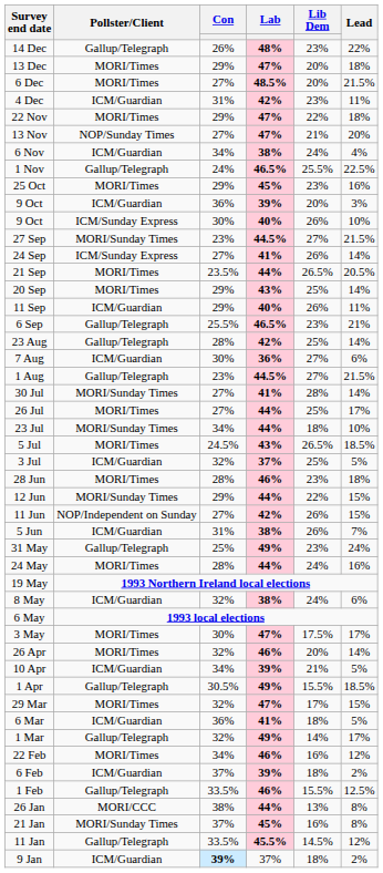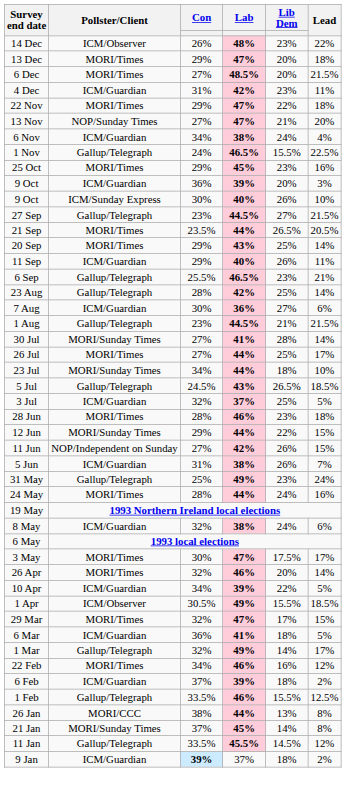 <table class="wikitable sortable mw-datatable" style="text-align:center;font-size:90%;line-height:14px;">
 <tr>
 <th rowspan="2">Survey<br>end date</th>
 <th rowspan="2">Pollster/Client</th>
 <th class="unsortable" style="width:50px;"><a href='#'>Con</a></th>
 <th class="unsortable" style="width:50px;"><a href='#'>Lab</a></th>
 <th class="unsortable" style="width:50px;"><a href='#'>Lib Dem</a></th>
 <th rowspan="2">Lead</th>
 </tr>
 <tr>
 <th style="background:"></th>
 <th style="background:"></th>
 <th style="background:"></th>
 </tr>
 <tr>
 <td>14 Dec</td>
-<td>Gallup/Telegraph</td>
+<td>ICM/Observer</td>
 <td>26%</td>
 <td style="background:#FFCCDA;"><strong>48%</strong></td>
 <td>23%</td>
 <td style="background:">22%</td>
 </tr>
 <tr>
 <td>13 Dec</td>
 <td>MORI/Times</td>
 <td>29%</td>
 <td style="background:#FFCCDA;"><strong>47%</strong></td>
 <td>20%</td>
 <td style="background:">18%</td>
 </tr>
 <tr>
 <td>6 Dec</td>
 <td>MORI/Times</td>
 <td>27%</td>
 <td style="background:#FFCCDA;"><strong>48.5%</strong></td>
 <td>20%</td>
 <td style="background:">21.5%</td>
 </tr>
 <tr>
 <td>4 Dec</td>
 <td>ICM/Guardian</td>
 <td>31%</td>
 <td style="background:#FFCCDA;"><strong>42%</strong></td>
 <td>23%</td>
 <td style="background:">11%</td>
 </tr>
 <tr>
 <td>22 Nov</td>
 <td>MORI/Times</td>
 <td>29%</td>
 <td style="background:#FFCCDA;"><strong>47%</strong></td>
 <td>22%</td>
 <td style="background:">18%</td>
 </tr>
 <tr>
 <td>13 Nov</td>
 <td>NOP/Sunday Times</td>
 <td>27%</td>
 <td style="background:#FFCCDA;"><strong>47%</strong></td>
 <td>21%</td>
 <td style="background:">20%</td>
 </tr>
 <tr>
 <td>6 Nov</td>
 <td>ICM/Guardian</td>
 <td>34%</td>
 <td style="background:#FFCCDA;"><strong>38%</strong></td>
 <td>24%</td>
 <td style="background:">4%</td>
 </tr>
 <tr>
 <td>1 Nov</td>
 <td>Gallup/Telegraph</td>
 <td>24%</td>
 <td style="background:#FFCCDA;"><strong>46.5%</strong></td>
-<td>25.5%</td>
+<td>15.5%</td>
 <td style="background:">22.5%</td>
 </tr>
 <tr>
 <td>25 Oct</td>
 <td>MORI/Times</td>
 <td>29%</td>
 <td style="background:#FFCCDA;"><strong>45%</strong></td>
 <td>23%</td>
 <td style="background:">16%</td>
 </tr>
 <tr>
 <td>9 Oct</td>
 <td>ICM/Guardian</td>
 <td>36%</td>
 <td style="background:#FFCCDA;"><strong>39%</strong></td>
 <td>20%</td>
 <td style="background:">3%</td>
 </tr>
 <tr>
 <td>9 Oct</td>
 <td>ICM/Sunday Express</td>
 <td>30%</td>
 <td style="background:#FFCCDA;"><strong>40%</strong></td>
 <td>26%</td>
 <td style="background:">10%</td>
 </tr>
 <tr>
 <td>27 Sep</td>
-<td>MORI/Sunday Times</td>
+<td>Gallup/Telegraph</td>
 <td>23%</td>
 <td style="background:#FFCCDA;"><strong>44.5%</strong></td>
 <td>27%</td>
 <td style="background:">21.5%</td>
-</tr>
-<tr>
-<td>24 Sep</td>
-<td>ICM/Sunday Express</td>
-<td>27%</td>
-<td style="background:#FFCCDA;"><strong>41%</strong></td>
-<td>26%</td>
-<td style="background:">14%</td>
 </tr>
 <tr>
 <td>21 Sep</td>
 <td>MORI/Times</td>
 <td>23.5%</td>
 <td style="background:#FFCCDA;"><strong>44%</strong></td>
 <td>26.5%</td>
 <td style="background:">20.5%</td>
 </tr>
 <tr>
 <td>20 Sep</td>
 <td>MORI/Times</td>
 <td>29%</td>
 <td style="background:#FFCCDA;"><strong>43%</strong></td>
 <td>25%</td>
 <td style="background:">14%</td>
 </tr>
 <tr>
 <td>11 Sep</td>
 <td>ICM/Guardian</td>
 <td>29%</td>
 <td style="background:#FFCCDA;"><strong>40%</strong></td>
 <td>26%</td>
 <td style="background:">11%</td>
 </tr>
 <tr>
 <td>6 Sep</td>
 <td>Gallup/Telegraph</td>
 <td>25.5%</td>
 <td style="background:#FFCCDA;"><strong>46.5%</strong></td>
 <td>23%</td>
 <td style="background:">21%</td>
 </tr>
 <tr>
 <td>23 Aug</td>
 <td>Gallup/Telegraph</td>
 <td>28%</td>
 <td style="background:#FFCCDA;"><strong>42%</strong></td>
 <td>25%</td>
 <td style="background:">14%</td>
 </tr>
 <tr>
 <td>7 Aug</td>
 <td>ICM/Guardian</td>
 <td>30%</td>
 <td style="background:#FFCCDA;"><strong>36%</strong></td>
 <td>27%</td>
 <td style="background:">6%</td>
 </tr>
 <tr>
 <td>1 Aug</td>
 <td>Gallup/Telegraph</td>
 <td>23%</td>
 <td style="background:#FFCCDA;"><strong>44.5%</strong></td>
-<td>27%</td>
+<td>21%</td>
 <td style="background:">21.5%</td>
 </tr>
 <tr>
 <td>30 Jul</td>
 <td>MORI/Sunday Times</td>
 <td>27%</td>
 <td style="background:#FFCCDA;"><strong>41%</strong></td>
 <td>28%</td>
 <td style="background:">14%</td>
 </tr>
 <tr>
 <td>26 Jul</td>
 <td>MORI/Times</td>
 <td>27%</td>
 <td style="background:#FFCCDA;"><strong>44%</strong></td>
 <td>25%</td>
 <td style="background:">17%</td>
 </tr>
 <tr>
 <td>23 Jul</td>
 <td>MORI/Sunday Times</td>
 <td>34%</td>
 <td style="background:#FFCCDA;"><strong>44%</strong></td>
 <td>18%</td>
 <td style="background:">10%</td>
 </tr>
 <tr>
 <td>5 Jul</td>
-<td>MORI/Times</td>
+<td>Gallup/Telegraph</td>
 <td>24.5%</td>
 <td style="background:#FFCCDA;"><strong>43%</strong></td>
 <td>26.5%</td>
 <td style="background:">18.5%</td>
 </tr>
 <tr>
 <td>3 Jul</td>
 <td>ICM/Guardian</td>
 <td>32%</td>
 <td style="background:#FFCCDA;"><strong>37%</strong></td>
 <td>25%</td>
 <td style="background:">5%</td>
 </tr>
 <tr>
 <td>28 Jun</td>
 <td>MORI/Times</td>
 <td>28%</td>
 <td style="background:#FFCCDA;"><strong>46%</strong></td>
 <td>23%</td>
 <td style="background:">18%</td>
 </tr>
 <tr>
 <td>12 Jun</td>
 <td>MORI/Sunday Times</td>
 <td>29%</td>
 <td style="background:#FFCCDA;"><strong>44%</strong></td>
 <td>22%</td>
 <td style="background:">15%</td>
 </tr>
 <tr>
 <td>11 Jun</td>
 <td>NOP/Independent on Sunday</td>
 <td>27%</td>
 <td style="background:#FFCCDA;"><strong>42%</strong></td>
 <td>26%</td>
 <td style="background:">15%</td>
 </tr>
 <tr>
 <td>5 Jun</td>
 <td>ICM/Guardian</td>
 <td>31%</td>
 <td style="background:#FFCCDA;"><strong>38%</strong></td>
 <td>26%</td>
 <td style="background:">7%</td>
 </tr>
 <tr>
 <td>31 May</td>
 <td>Gallup/Telegraph</td>
 <td>25%</td>
 <td style="background:#FFCCDA;"><strong>49%</strong></td>
 <td>23%</td>
 <td style="background:">24%</td>
 </tr>
 <tr>
 <td>24 May</td>
 <td>MORI/Times</td>
 <td>28%</td>
 <td style="background:#FFCCDA;"><strong>44%</strong></td>
 <td>24%</td>
 <td style="background:">16%</td>
 </tr>
 <tr>
 <td>19 May</td>
 <td colspan="5"><strong><a href='#'>1993 Northern Ireland local elections</a></strong></td>
 </tr>
 <tr>
 <td>8 May</td>
 <td>ICM/Guardian</td>
 <td>32%</td>
 <td style="background:#FFCCDA;"><strong>38%</strong></td>
 <td>24%</td>
 <td style="background:">6%</td>
 </tr>
 <tr>
 <td>6 May</td>
 <td colspan="5"><strong><a href='#'>1993 local elections</a></strong></td>
 </tr>
 <tr>
 <td>3 May</td>
 <td>MORI/Times</td>
 <td>30%</td>
 <td style="background:#FFCCDA;"><strong>47%</strong></td>
 <td>17.5%</td>
 <td style="background:">17%</td>
 </tr>
 <tr>
 <td>26 Apr</td>
 <td>MORI/Times</td>
 <td>32%</td>
 <td style="background:#FFCCDA;"><strong>46%</strong></td>
 <td>20%</td>
 <td style="background:">14%</td>
 </tr>
 <tr>
 <td>10 Apr</td>
 <td>ICM/Guardian</td>
 <td>34%</td>
 <td style="background:#FFCCDA;"><strong>39%</strong></td>
-<td>21%</td>
+<td>22%</td>
 <td style="background:">5%</td>
 </tr>
 <tr>
 <td>1 Apr</td>
-<td>Gallup/Telegraph</td>
+<td>ICM/Observer</td>
 <td>30.5%</td>
 <td style="background:#FFCCDA;"><strong>49%</strong></td>
 <td>15.5%</td>
 <td style="background:">18.5%</td>
 </tr>
 <tr>
 <td>29 Mar</td>
 <td>MORI/Times</td>
 <td>32%</td>
 <td style="background:#FFCCDA;"><strong>47%</strong></td>
 <td>17%</td>
 <td style="background:">15%</td>
 </tr>
 <tr>
 <td>6 Mar</td>
 <td>ICM/Guardian</td>
 <td>36%</td>
 <td style="background:#FFCCDA;"><strong>41%</strong></td>
 <td>18%</td>
 <td style="background:">5%</td>
 </tr>
 <tr>
 <td>1 Mar</td>
 <td>Gallup/Telegraph</td>
 <td>32%</td>
 <td style="background:#FFCCDA;"><strong>49%</strong></td>
 <td>14%</td>
 <td style="background:">17%</td>
 </tr>
 <tr>
 <td>22 Feb</td>
 <td>MORI/Times</td>
 <td>34%</td>
 <td style="background:#FFCCDA;"><strong>46%</strong></td>
 <td>16%</td>
 <td style="background:">12%</td>
 </tr>
 <tr>
 <td>6 Feb</td>
 <td>ICM/Guardian</td>
 <td>37%</td>
 <td style="background:#FFCCDA;"><strong>39%</strong></td>
 <td>18%</td>
 <td style="background:">2%</td>
 </tr>
 <tr>
 <td>1 Feb</td>
 <td>Gallup/Telegraph</td>
 <td>33.5%</td>
 <td style="background:#FFCCDA;"><strong>46%</strong></td>
 <td>15.5%</td>
 <td style="background:">12.5%</td>
 </tr>
 <tr>
 <td>26 Jan</td>
 <td>MORI/CCC</td>
 <td>38%</td>
 <td style="background:#FFCCDA;"><strong>44%</strong></td>
 <td>13%</td>
 <td style="background:">8%</td>
 </tr>
 <tr>
 <td>21 Jan</td>
 <td>MORI/Sunday Times</td>
 <td>37%</td>
 <td style="background:#FFCCDA;"><strong>45%</strong></td>
-<td>16%</td>
+<td>14%</td>
 <td style="background:">8%</td>
 </tr>
 <tr>
 <td>11 Jan</td>
 <td>Gallup/Telegraph</td>
 <td>33.5%</td>
 <td style="background:#FFCCDA;"><strong>45.5%</strong></td>
 <td>14.5%</td>
 <td style="background:">12%</td>
 </tr>
 <tr>
 <td>9 Jan</td>
 <td>ICM/Guardian</td>
 <td style="background:#CCEBFF;"><strong>39%</strong></td>
 <td>37%</td>
 <td>18%</td>
 <td style="background:">2%</td>
 </tr>
 </table>
